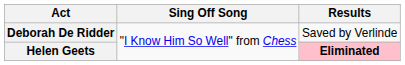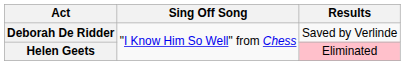 <table class="wikitable plainrowheaders" style="text-align:center;">
 <tr>
 <th scope="col">Act</th>
 <th scope="col">Sing Off Song</th>
 <th scope="col">Results</th>
 </tr>
 <tr>
 <th scope="row">Deborah De Ridder</th>
 <td rowspan="2">"<a href='#'>I Know Him So Well</a>" from <em><a href='#'>Chess</a></em></td>
 <td>Saved by Verlinde</td>
 </tr>
 <tr>
 <th scope="row">Helen Geets</th>
-<td style="background:pink;"><strong>Eliminated</strong></td>
+<td style="background:pink;">Eliminated</td>
 </tr>
 </table>
